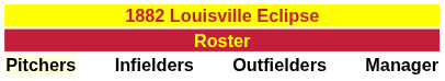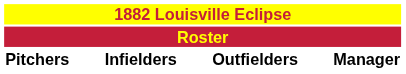 <table class="toccolours" style="font-size: 95%;">
 <tr>
 <th colspan="10" style="background-color: #FFFF00; color: #C41E3A; text-align: center;">1882 Louisville Eclipse</th>
 </tr>
 <tr>
 <td colspan="10" style="background-color: #C41E3A; color: yellow; text-align: center;"><strong>Roster</strong></td>
 </tr>
 <tr>
-<td valign="top" style="background: lightyellow;"><strong>Pitchers</strong><br>  </td>
+<td valign="top"><strong>Pitchers</strong><br>  </td>
 <td width="25px"></td>
 <td valign="top"><strong>Infielders</strong><br>        </td>
 <td width="25px"></td>
 <td valign="top"><strong>Outfielders</strong><br>       </td>
 <td width="25px"></td>
 <td valign="top"><strong>Manager</strong><br></td>
 </tr>
 <tr>
 </tr>
 </table>
